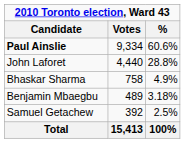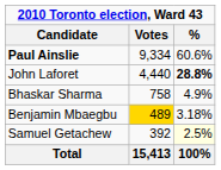 <table class="wikitable">
 <tr>
 <td Colspan="3" align="center"><strong><a href='#'>2010 Toronto election</a>, Ward 43</strong></td>
 </tr>
 <tr>
 <th bgcolor="#DDDDFF" width="150px">Candidate</th>
 <th bgcolor="#DDDDFF">Votes</th>
 <th bgcolor="#DDDDFF">%</th>
 </tr>
 <tr>
 <td><strong>Paul Ainslie</strong></td>
 <td align=right>9,334</td>
 <td align=right>60.6%</td>
 </tr>
 <tr>
 <td>John Laforet</td>
 <td align=right>4,440</td>
-<td align=right>28.8%</td>
+<td align=right><strong>28.8%</strong></td>
 </tr>
 <tr>
 <td>Bhaskar Sharma</td>
 <td align=right>758</td>
 <td align=right>4.9%</td>
 </tr>
 <tr>
 <td>Benjamin Mbaegbu</td>
-<td align=right>489</td>
+<td align=right style="background: gold;">489</td>
 <td align=right>3.18%</td>
 </tr>
 <tr>
 <td>Samuel Getachew</td>
 <td align=right>392</td>
-<td align=right>2.5%</td>
+<td align=right style="background: lightyellow;">2.5%</td>
 </tr>
 <tr>
 <th>Total</th>
 <th align=right>15,413</th>
 <th align=right>100%</th>
 </tr>
 </table>
